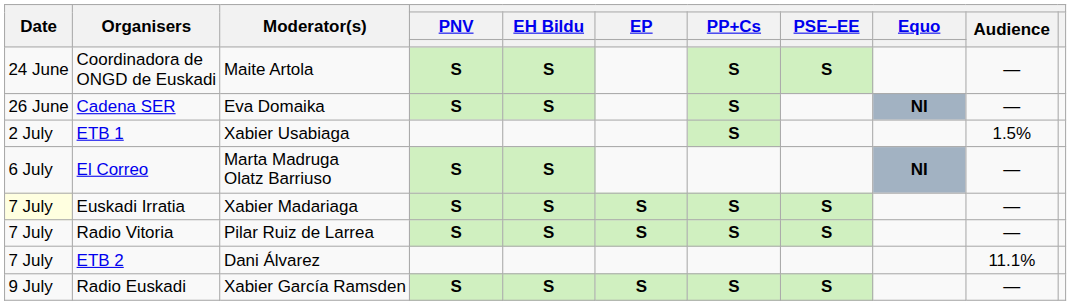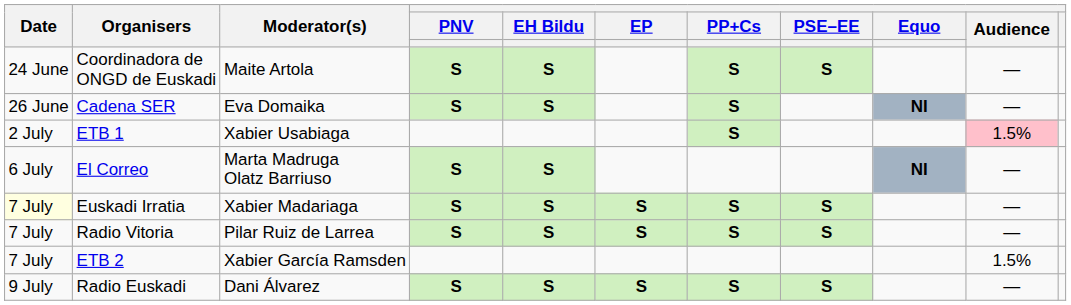 <table class="wikitable" style="text-align:center;">
 <tr>
 <th rowspan="3">Date</th>
 <th rowspan="3">Organisers</th>
 <th rowspan="3">Moderator(s)</th>
 <th colspan="8">        </th>
 </tr>
 <tr>
 <th scope="col" style="width:5em;"><a href='#'>PNV</a></th>
 <th scope="col" style="width:5em;"><a href='#'>EH Bildu</a></th>
 <th scope="col" style="width:5em;"><a href='#'>EP</a></th>
 <th scope="col" style="width:5em;"><a href='#'>PP+Cs</a></th>
 <th scope="col" style="width:5em;"><a href='#'>PSE–EE</a></th>
 <th scope="col" style="width:5em;"><a href='#'>Equo</a></th>
 <th rowspan="2" scope="col" style="width:5em;">Audience</th>
 <th rowspan="2"></th>
 </tr>
 <tr>
 <th style="color:inherit;background:"></th>
 <th style="color:inherit;background:"></th>
 <th style="color:inherit;background:"></th>
 <th style="color:inherit;background:"></th>
 <th style="color:inherit;background:"></th>
 <th style="color:inherit;background:"></th>
 </tr>
 <tr>
 <td style="white-space:nowrap; text-align:left;">24 June</td>
 <td style="white-space:nowrap; text-align:left;">Coordinadora de<br>ONGD de Euskadi</td>
 <td style="white-space:nowrap; text-align:left;">Maite Artola</td>
 <td style="background:#D0F0C0;"><strong>S</strong><br></td>
 <td style="background:#D0F0C0;"><strong>S</strong><br></td>
 <td></td>
 <td style="background:#D0F0C0;"><strong>S</strong><br></td>
 <td style="background:#D0F0C0;"><strong>S</strong><br></td>
 <td></td>
 <td>—</td>
 <td><br></td>
 </tr>
 <tr>
 <td style="white-space:nowrap; text-align:left;">26 June</td>
 <td style="white-space:nowrap; text-align:left;"><a href='#'>Cadena SER</a></td>
 <td style="white-space:nowrap; text-align:left;">Eva Domaika</td>
 <td style="background:#D0F0C0;"><strong>S</strong><br></td>
 <td style="background:#D0F0C0;"><strong>S</strong><br></td>
 <td></td>
 <td style="background:#D0F0C0;"><strong>S</strong><br></td>
 <td></td>
 <td style="background:#A2B2C2;"><strong>NI</strong></td>
 <td>—</td>
 <td><br></td>
 </tr>
 <tr>
 <td style="white-space:nowrap; text-align:left;">2 July</td>
 <td style="white-space:nowrap; text-align:left;"><a href='#'>ETB 1</a></td>
 <td style="white-space:nowrap; text-align:left;">Xabier Usabiaga</td>
 <td></td>
 <td></td>
 <td></td>
 <td style="background:#D0F0C0;"><strong>S</strong><br></td>
 <td></td>
 <td></td>
-<td>1.5%<br></td>
+<td style="background: pink;">1.5%<br></td>
 <td><br></td>
 </tr>
 <tr>
 <td style="white-space:nowrap; text-align:left;">6 July</td>
 <td style="white-space:nowrap; text-align:left;"><a href='#'>El Correo</a></td>
 <td style="white-space:nowrap; text-align:left;">Marta Madruga<br>Olatz Barriuso</td>
 <td style="background:#D0F0C0;"><strong>S</strong><br></td>
 <td style="background:#D0F0C0;"><strong>S</strong><br></td>
 <td></td>
 <td></td>
 <td></td>
 <td style="background:#A2B2C2;"><strong>NI</strong></td>
 <td>—</td>
 <td><br></td>
 </tr>
 <tr>
 <td style="background: lightyellow; white-space:nowrap; text-align:left;">7 July</td>
 <td style="white-space:nowrap; text-align:left;">Euskadi Irratia</td>
 <td style="white-space:nowrap; text-align:left;">Xabier Madariaga</td>
 <td style="background:#D0F0C0;"><strong>S</strong><br></td>
 <td style="background:#D0F0C0;"><strong>S</strong><br></td>
 <td style="background:#D0F0C0;"><strong>S</strong><br></td>
 <td style="background:#D0F0C0;"><strong>S</strong><br></td>
 <td style="background:#D0F0C0;"><strong>S</strong><br></td>
 <td></td>
 <td>—</td>
 <td><br></td>
 </tr>
 <tr>
 <td style="white-space:nowrap; text-align:left;">7 July</td>
 <td style="white-space:nowrap; text-align:left;">Radio Vitoria</td>
 <td style="white-space:nowrap; text-align:left;">Pilar Ruiz de Larrea</td>
 <td style="background:#D0F0C0;"><strong>S</strong><br></td>
 <td style="background:#D0F0C0;"><strong>S</strong><br></td>
 <td style="background:#D0F0C0;"><strong>S</strong><br></td>
 <td style="background:#D0F0C0;"><strong>S</strong><br></td>
 <td style="background:#D0F0C0;"><strong>S</strong><br></td>
 <td></td>
 <td>—</td>
 <td><br></td>
 </tr>
 <tr>
 <td style="white-space:nowrap; text-align:left;">7 July</td>
 <td style="white-space:nowrap; text-align:left;"><a href='#'>ETB 2</a></td>
-<td style="white-space:nowrap; text-align:left;">Dani Álvarez</td>
+<td style="white-space:nowrap; text-align:left;">Xabier García Ramsden</td>
 <td></td>
 <td></td>
 <td></td>
 <td></td>
 <td></td>
 <td></td>
-<td>11.1%<br></td>
+<td>1.5%<br></td>
 <td><br></td>
 </tr>
 <tr>
 <td style="white-space:nowrap; text-align:left;">9 July</td>
 <td style="white-space:nowrap; text-align:left;">Radio Euskadi</td>
-<td style="white-space:nowrap; text-align:left;">Xabier García Ramsden</td>
+<td style="white-space:nowrap; text-align:left;">Dani Álvarez</td>
 <td style="background:#D0F0C0;"><strong>S</strong><br></td>
 <td style="background:#D0F0C0;"><strong>S</strong><br></td>
 <td style="background:#D0F0C0;"><strong>S</strong><br></td>
 <td style="background:#D0F0C0;"><strong>S</strong><br></td>
 <td style="background:#D0F0C0;"><strong>S</strong><br></td>
 <td></td>
 <td>—</td>
 <td><br></td>
 </tr>
 </table>
